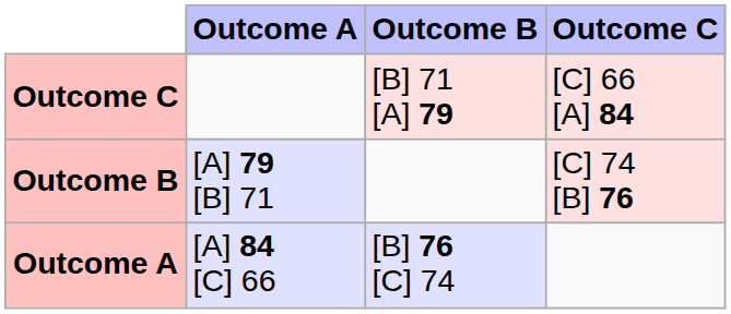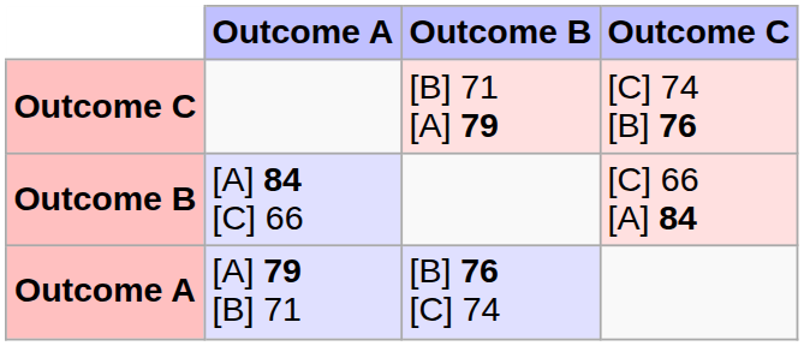 <table class="wikitable">
 <tr>
 <th style="background:#fff; border-color:#fff #aaa #aaa #fff"></th>
 <th style="background:#c0c0ff">Outcome A</th>
 <th style="background:#c0c0ff">Outcome B</th>
 <th style="background:#c0c0ff">Outcome C</th>
 </tr>
 <tr>
 <th style="background:#ffc0c0">Outcome C</th>
 <td></td>
 <td nowrap style="background:#ffe0e0">[B] 71 <br>[A] <strong>79</strong> <br></td>
+<td nowrap style="background:#ffe0e0">[C] 74 <br>[B] <strong>76</strong></td>
+</tr>
+<tr>
+<th style="background:#ffc0c0">Outcome B</th>
+<td nowrap style="background:#e0e0ff">[A] <strong>84</strong> <br>[C] 66 <br></td>
+<td></td>
 <td nowrap style="background:#ffe0e0">[C] 66 <br>[A] <strong>84</strong> <br></td>
 </tr>
 <tr>
-<th style="background:#ffc0c0">Outcome B</th>
+<th style="background:#ffc0c0">Outcome A</th>
 <td nowrap style="background:#e0e0ff">[A] <strong>79</strong> <br>[B] 71 <br></td>
-<td></td>
-<td nowrap style="background:#ffe0e0">[C] 74 <br>[B] <strong>76</strong></td>
-</tr>
-<tr>
-<th style="background:#ffc0c0">Outcome A</th>
-<td nowrap style="background:#e0e0ff">[A] <strong>84</strong> <br>[C] 66 <br></td>
 <td nowrap style="background:#e0e0ff">[B] <strong>76</strong> <br>[C] 74 <br></td>
 </tr>
 </table>
